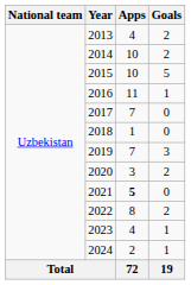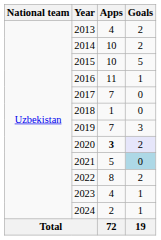 <table class="wikitable" style="text-align:center">
 <tr>
 <th>National team</th>
 <th>Year</th>
 <th>Apps</th>
 <th>Goals</th>
 </tr>
 <tr>
 <td rowspan="12"><a href='#'>Uzbekistan</a></td>
 <td>2013</td>
 <td>4</td>
 <td>2</td>
 </tr>
 <tr>
 <td>2014</td>
 <td>10</td>
 <td>2</td>
 </tr>
 <tr>
 <td>2015</td>
 <td>10</td>
 <td>5</td>
 </tr>
 <tr>
 <td>2016</td>
 <td>11</td>
 <td>1</td>
 </tr>
 <tr>
 <td>2017</td>
 <td>7</td>
 <td>0</td>
 </tr>
 <tr>
 <td>2018</td>
 <td>1</td>
 <td>0</td>
 </tr>
 <tr>
 <td>2019</td>
 <td>7</td>
 <td>3</td>
 </tr>
 <tr>
 <td>2020</td>
-<td>3</td>
-<td>2</td>
+<td><strong>3</strong></td>
+<td style="background: lavender;">2</td>
 </tr>
 <tr>
 <td>2021</td>
-<td><strong>5</strong></td>
-<td>0</td>
+<td>5</td>
+<td style="background: lightblue;">0</td>
 </tr>
 <tr>
 <td>2022</td>
 <td>8</td>
 <td>2</td>
 </tr>
 <tr>
 <td>2023</td>
 <td>4</td>
 <td>1</td>
 </tr>
 <tr>
 <td>2024</td>
 <td>2</td>
 <td>1</td>
 </tr>
 <tr>
 <th colspan="2">Total</th>
 <th>72</th>
 <th>19</th>
 </tr>
 </table>
